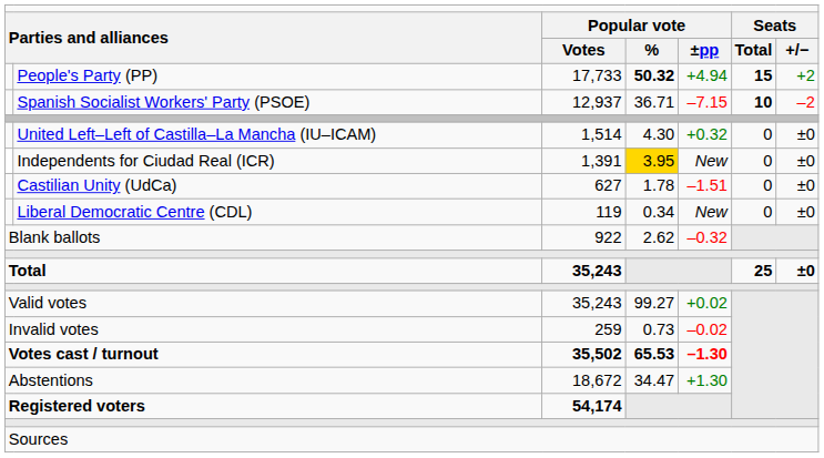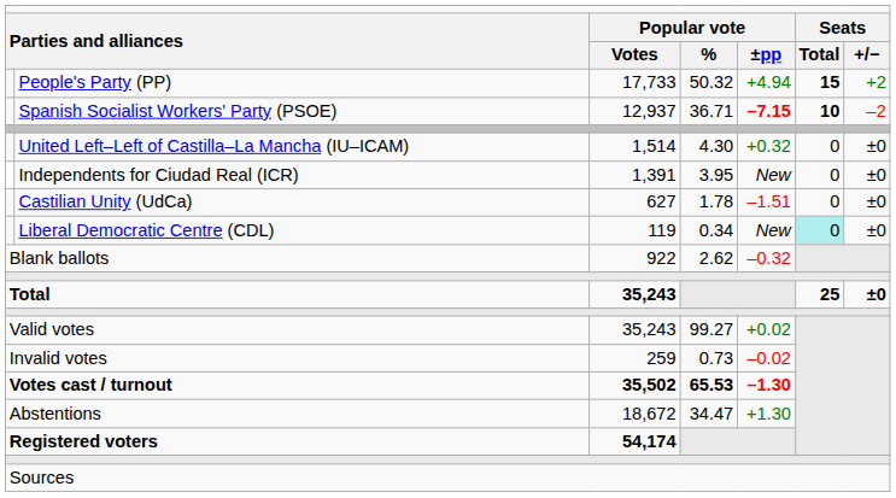 <table class="wikitable" style="text-align:right;">
 <tr>
 <td colspan="7"></td>
 </tr>
 <tr>
 <th style="text-align:left;" rowspan="2" colspan="2" width="525">Parties and alliances</th>
 <th colspan="3">Popular vote</th>
 <th colspan="2">Seats</th>
 </tr>
 <tr>
 <th width="75">Votes</th>
 <th width="45">%</th>
 <th width="45">±<a href='#'>pp</a></th>
 <th width="35">Total</th>
 <th width="35">+/−</th>
 </tr>
 <tr>
 <td width="1" style="color:inherit;background:"></td>
 <td align="left"><a href='#'>People's Party</a> (PP)</td>
 <td>17,733</td>
-<td><strong>50.32</strong></td>
+<td>50.32</td>
 <td style="color:green;">+4.94</td>
 <td><strong>15</strong></td>
 <td style="color:green;">+2</td>
 </tr>
 <tr>
 <td style="color:inherit;background:"></td>
 <td align="left"><a href='#'>Spanish Socialist Workers' Party</a> (PSOE)</td>
 <td>12,937</td>
 <td>36.71</td>
-<td style="color:red;">–7.15</td>
+<td style="color:red;"><strong>–7.15</strong></td>
 <td><strong>10</strong></td>
 <td style="color:red;">–2</td>
 </tr>
 <tr>
 <td colspan="7" bgcolor="#C0C0C0"></td>
 </tr>
 <tr>
 <td style="color:inherit;background:"></td>
 <td align="left"><a href='#'>United Left–Left of Castilla–La Mancha</a> (IU–ICAM)</td>
 <td>1,514</td>
 <td>4.30</td>
 <td style="color:green;">+0.32</td>
 <td>0</td>
 <td>±0</td>
 </tr>
 <tr>
 <td bgcolor="white"></td>
 <td align="left">Independents for Ciudad Real (ICR)</td>
 <td>1,391</td>
-<td style="background: gold;">3.95</td>
+<td>3.95</td>
 <td><em>New</em></td>
 <td>0</td>
 <td>±0</td>
 </tr>
 <tr>
 <td style="color:inherit;background:"></td>
 <td align="left"><a href='#'>Castilian Unity</a> (UdCa)</td>
 <td>627</td>
 <td>1.78</td>
 <td style="color:red;">–1.51</td>
 <td>0</td>
 <td>±0</td>
 </tr>
 <tr>
 <td style="color:inherit;background:"></td>
 <td align="left"><a href='#'>Liberal Democratic Centre</a> (CDL)</td>
 <td>119</td>
 <td>0.34</td>
 <td><em>New</em></td>
-<td>0</td>
+<td style="background: paleturquoise;">0</td>
 <td>±0</td>
 </tr>
 <tr>
 <td align="left" colspan="2">Blank ballots</td>
 <td>922</td>
 <td>2.62</td>
 <td style="color:red;">–0.32</td>
 <td bgcolor="#E9E9E9" colspan="2"></td>
 </tr>
 <tr>
 <td colspan="7" bgcolor="#E9E9E9"></td>
 </tr>
 <tr style="font-weight:bold;">
 <td align="left" colspan="2">Total</td>
 <td>35,243</td>
 <td bgcolor="#E9E9E9" colspan="2"></td>
 <td>25</td>
 <td>±0</td>
 </tr>
 <tr>
 <td colspan="7" bgcolor="#E9E9E9"></td>
 </tr>
 <tr>
 <td align="left" colspan="2">Valid votes</td>
 <td>35,243</td>
 <td>99.27</td>
 <td style="color:green;">+0.02</td>
 <td bgcolor="#E9E9E9" colspan="2" rowspan="5"></td>
 </tr>
 <tr>
 <td align="left" colspan="2">Invalid votes</td>
 <td>259</td>
 <td>0.73</td>
 <td style="color:red;">–0.02</td>
 </tr>
 <tr style="font-weight:bold;">
 <td align="left" colspan="2">Votes cast / turnout</td>
 <td>35,502</td>
 <td>65.53</td>
 <td style="color:red;">–1.30</td>
 </tr>
 <tr>
 <td align="left" colspan="2">Abstentions</td>
 <td>18,672</td>
 <td>34.47</td>
 <td style="color:green;">+1.30</td>
 </tr>
 <tr style="font-weight:bold;">
 <td align="left" colspan="2">Registered voters</td>
 <td>54,174</td>
 <td bgcolor="#E9E9E9" colspan="2"></td>
 </tr>
 <tr>
 <td colspan="7" bgcolor="#E9E9E9"></td>
 </tr>
 <tr>
 <td align="left" colspan="7">Sources</td>
 </tr>
 </table>
